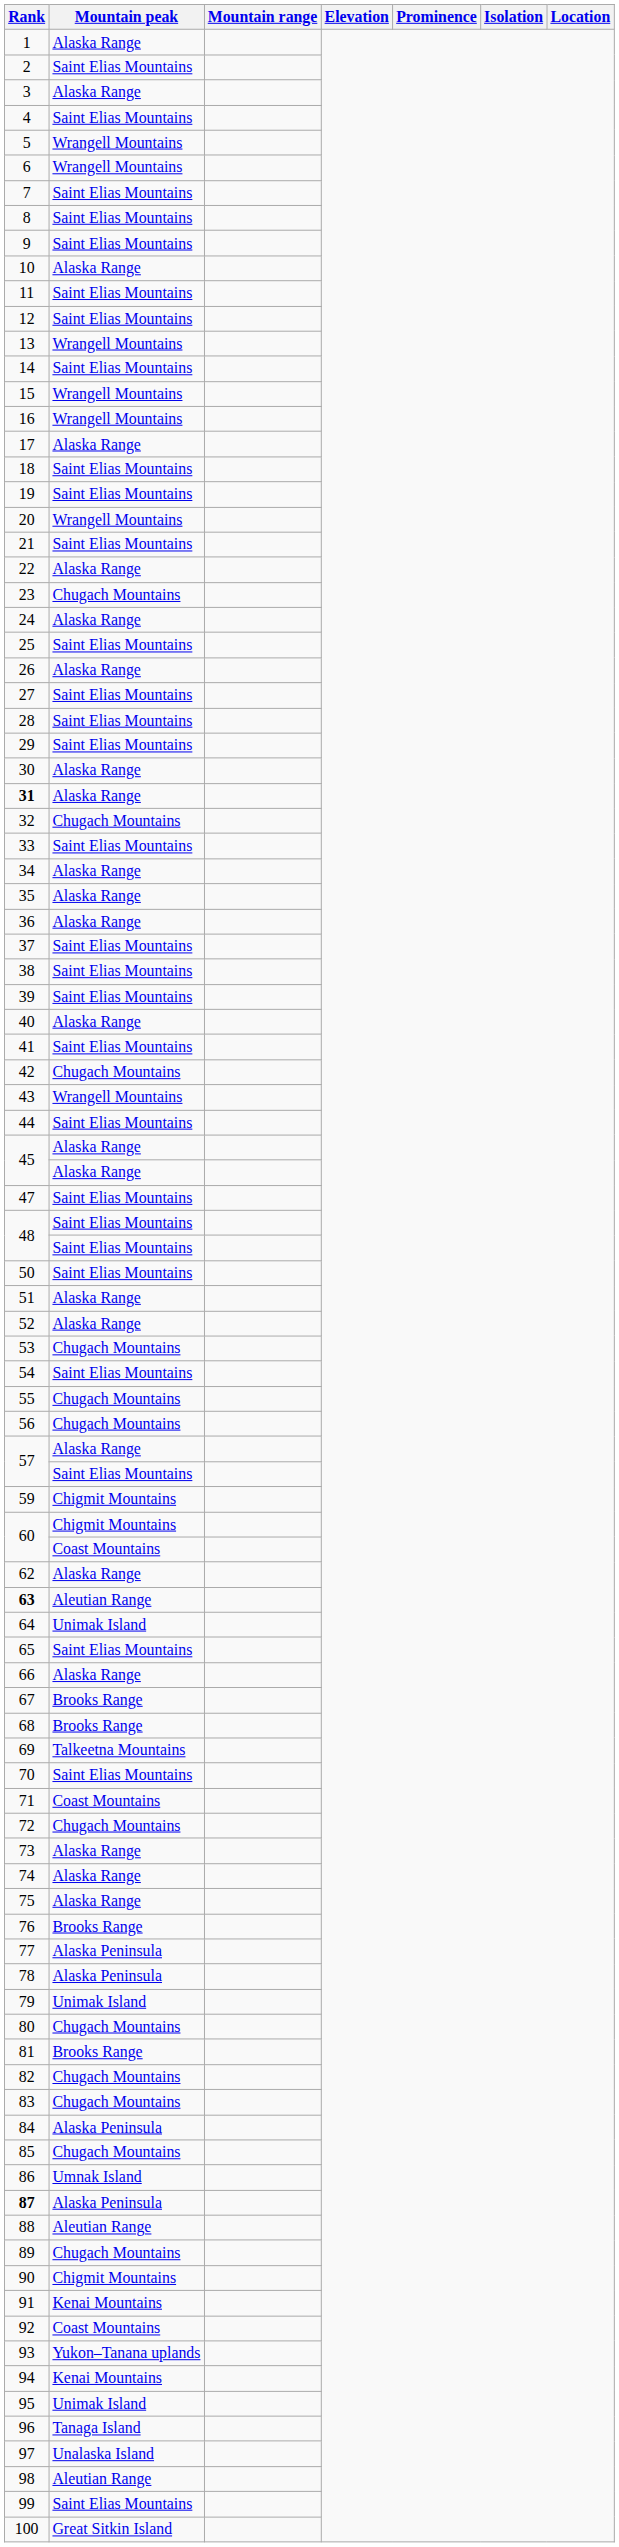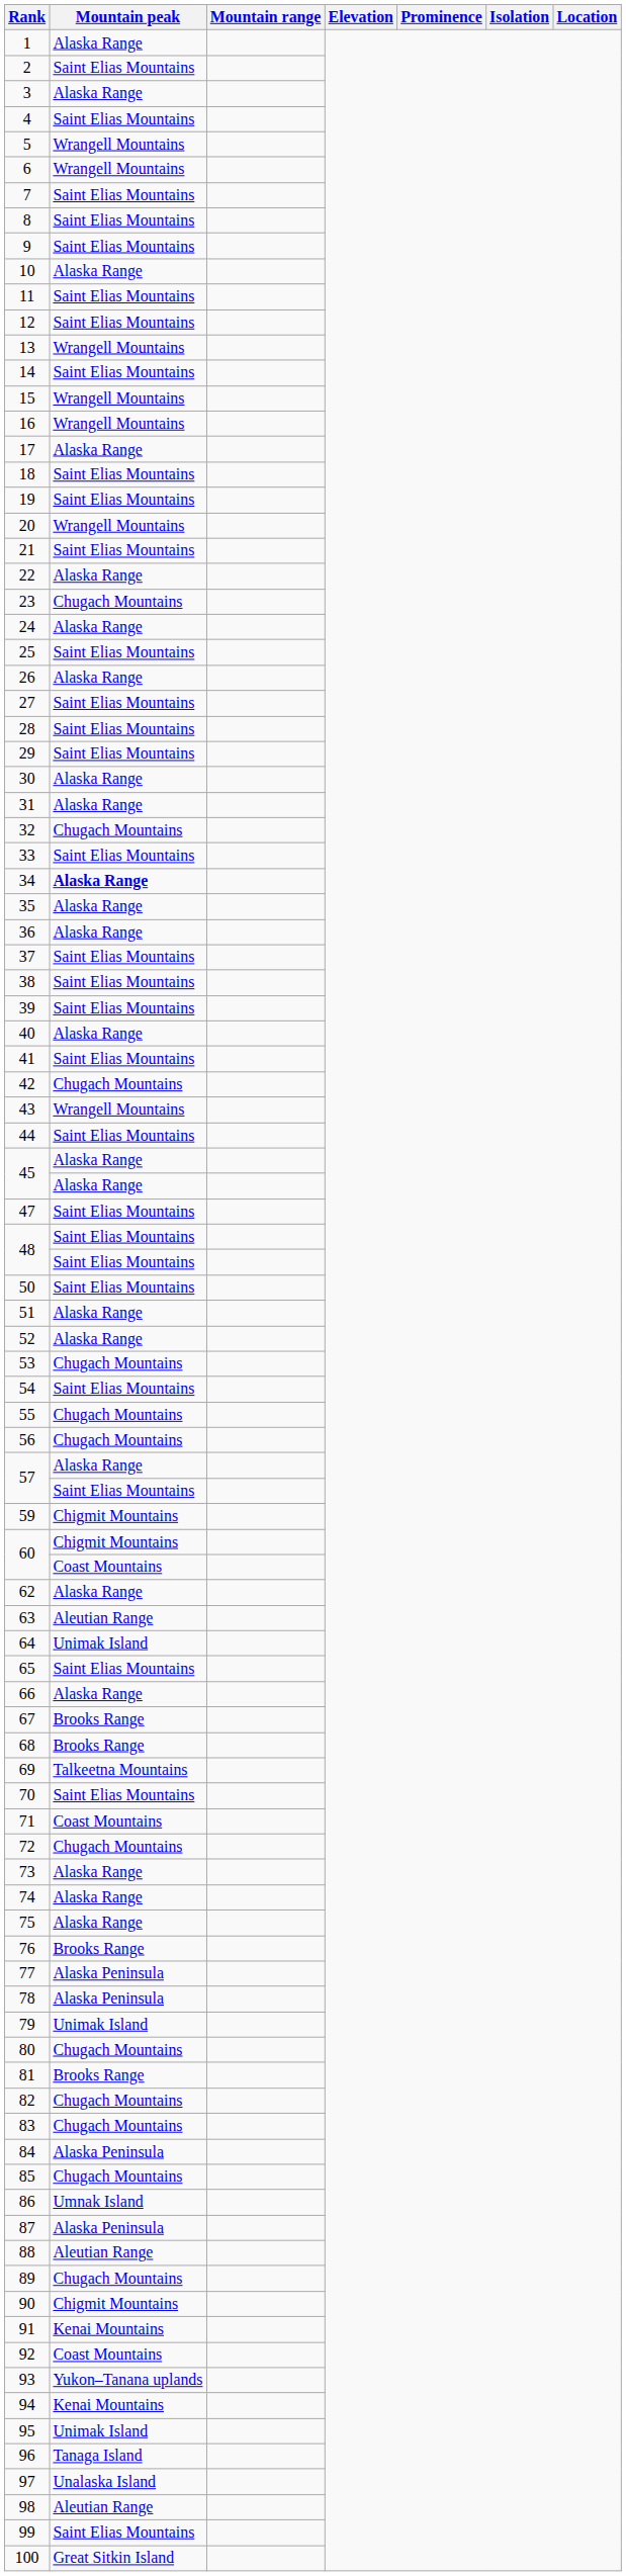 <table class="wikitable sortable">
 <tr>
 <th><a href='#'>Rank</a></th>
 <th><a href='#'>Mountain peak</a></th>
 <th><a href='#'>Mountain range</a></th>
 <th><a href='#'>Elevation</a></th>
 <th><a href='#'>Prominence</a></th>
 <th><a href='#'>Isolation</a></th>
 <th><a href='#'>Location</a></th>
 </tr>
 <tr>
 <td align=center>1<br></td>
 <td><a href='#'>Alaska Range</a><br></td>
 <td></td>
 </tr>
 <tr>
 <td align=center>2<br></td>
 <td><a href='#'>Saint Elias Mountains</a><br></td>
 <td></td>
 </tr>
 <tr>
 <td align=center>3<br></td>
 <td><a href='#'>Alaska Range</a><br></td>
 <td></td>
 </tr>
 <tr>
 <td align=center>4<br></td>
 <td><a href='#'>Saint Elias Mountains</a><br></td>
 <td></td>
 </tr>
 <tr>
 <td align=center>5<br></td>
 <td><a href='#'>Wrangell Mountains</a><br></td>
 <td></td>
 </tr>
 <tr>
 <td align=center>6<br></td>
 <td><a href='#'>Wrangell Mountains</a><br></td>
 <td></td>
 </tr>
 <tr>
 <td align=center>7<br></td>
 <td><a href='#'>Saint Elias Mountains</a><br></td>
 <td></td>
 </tr>
 <tr>
 <td align=center>8<br></td>
 <td><a href='#'>Saint Elias Mountains</a><br></td>
 <td></td>
 </tr>
 <tr>
 <td align=center>9<br></td>
 <td><a href='#'>Saint Elias Mountains</a><br></td>
 <td></td>
 </tr>
 <tr>
 <td align=center>10<br></td>
 <td><a href='#'>Alaska Range</a><br></td>
 <td></td>
 </tr>
 <tr>
 <td align=center>11<br></td>
 <td><a href='#'>Saint Elias Mountains</a><br></td>
 <td></td>
 </tr>
 <tr>
 <td align=center>12<br></td>
 <td><a href='#'>Saint Elias Mountains</a><br></td>
 <td></td>
 </tr>
 <tr>
 <td align=center>13<br></td>
 <td><a href='#'>Wrangell Mountains</a><br></td>
 <td></td>
 </tr>
 <tr>
 <td align=center>14<br></td>
 <td><a href='#'>Saint Elias Mountains</a><br></td>
 <td></td>
 </tr>
 <tr>
 <td align=center>15<br></td>
 <td><a href='#'>Wrangell Mountains</a><br></td>
 <td></td>
 </tr>
 <tr>
 <td align=center>16<br></td>
 <td><a href='#'>Wrangell Mountains</a><br></td>
 <td></td>
 </tr>
 <tr>
 <td align=center>17<br></td>
 <td><a href='#'>Alaska Range</a><br></td>
 <td></td>
 </tr>
 <tr>
 <td align=center>18<br></td>
 <td><a href='#'>Saint Elias Mountains</a><br></td>
 <td></td>
 </tr>
 <tr>
 <td align=center>19<br></td>
 <td><a href='#'>Saint Elias Mountains</a><br></td>
 <td></td>
 </tr>
 <tr>
 <td align=center>20<br></td>
 <td><a href='#'>Wrangell Mountains</a><br></td>
 <td></td>
 </tr>
 <tr>
 <td align=center>21<br></td>
 <td><a href='#'>Saint Elias Mountains</a><br></td>
 <td></td>
 </tr>
 <tr>
 <td align=center>22<br></td>
 <td><a href='#'>Alaska Range</a><br></td>
 <td></td>
 </tr>
 <tr>
 <td align=center>23<br></td>
 <td><a href='#'>Chugach Mountains</a><br></td>
 <td></td>
 </tr>
 <tr>
 <td align=center>24<br></td>
 <td><a href='#'>Alaska Range</a><br></td>
 <td></td>
 </tr>
 <tr>
 <td align=center>25<br></td>
 <td><a href='#'>Saint Elias Mountains</a><br></td>
 <td></td>
 </tr>
 <tr>
 <td align=center>26<br></td>
 <td><a href='#'>Alaska Range</a><br></td>
 <td></td>
 </tr>
 <tr>
 <td align=center>27<br></td>
 <td><a href='#'>Saint Elias Mountains</a><br></td>
 <td></td>
 </tr>
 <tr>
 <td align=center>28<br></td>
 <td><a href='#'>Saint Elias Mountains</a><br></td>
 <td></td>
 </tr>
 <tr>
 <td align=center>29<br></td>
 <td><a href='#'>Saint Elias Mountains</a><br></td>
 <td></td>
 </tr>
 <tr>
 <td align=center>30<br></td>
 <td><a href='#'>Alaska Range</a><br></td>
 <td></td>
 </tr>
 <tr>
-<td align=center><strong>31<br></strong></td>
+<td align=center>31<br></td>
 <td><a href='#'>Alaska Range</a><br></td>
 <td></td>
 </tr>
 <tr>
 <td align=center>32<br></td>
 <td><a href='#'>Chugach Mountains</a><br></td>
 <td></td>
 </tr>
 <tr>
 <td align=center>33<br></td>
 <td><a href='#'>Saint Elias Mountains</a><br></td>
 <td></td>
 </tr>
 <tr>
 <td align=center>34<br></td>
-<td><a href='#'>Alaska Range</a><br></td>
+<td><strong><a href='#'>Alaska Range</a><br></strong></td>
 <td></td>
 </tr>
 <tr>
 <td align=center>35<br></td>
 <td><a href='#'>Alaska Range</a><br></td>
 <td></td>
 </tr>
 <tr>
 <td align=center>36<br></td>
 <td><a href='#'>Alaska Range</a><br></td>
 <td></td>
 </tr>
 <tr>
 <td align=center>37<br></td>
 <td><a href='#'>Saint Elias Mountains</a><br></td>
 <td></td>
 </tr>
 <tr>
 <td align=center>38<br></td>
 <td><a href='#'>Saint Elias Mountains</a><br></td>
 <td></td>
 </tr>
 <tr>
 <td align=center>39<br></td>
 <td><a href='#'>Saint Elias Mountains</a><br></td>
 <td></td>
 </tr>
 <tr>
 <td align=center>40<br></td>
 <td><a href='#'>Alaska Range</a><br></td>
 <td></td>
 </tr>
 <tr>
 <td align=center>41<br></td>
 <td><a href='#'>Saint Elias Mountains</a><br></td>
 <td></td>
 </tr>
 <tr>
 <td align=center>42<br></td>
 <td><a href='#'>Chugach Mountains</a><br></td>
 <td></td>
 </tr>
 <tr>
 <td align=center>43<br></td>
 <td><a href='#'>Wrangell Mountains</a><br></td>
 <td></td>
 </tr>
 <tr>
 <td align=center>44<br></td>
 <td><a href='#'>Saint Elias Mountains</a><br></td>
 <td></td>
 </tr>
 <tr>
 <td align=center rowspan=2>45<br></td>
 <td><a href='#'>Alaska Range</a><br></td>
 <td></td>
 </tr>
 <tr>
 <td><a href='#'>Alaska Range</a><br></td>
 <td></td>
 </tr>
 <tr>
 <td align=center>47<br></td>
 <td><a href='#'>Saint Elias Mountains</a><br></td>
 <td></td>
 </tr>
 <tr>
 <td align=center rowspan=2>48<br></td>
 <td><a href='#'>Saint Elias Mountains</a><br></td>
 <td></td>
 </tr>
 <tr>
 <td><a href='#'>Saint Elias Mountains</a><br></td>
 <td></td>
 </tr>
 <tr>
 <td align=center>50<br></td>
 <td><a href='#'>Saint Elias Mountains</a><br></td>
 <td></td>
 </tr>
 <tr>
 <td align=center>51<br></td>
 <td><a href='#'>Alaska Range</a><br></td>
 <td></td>
 </tr>
 <tr>
 <td align=center>52<br></td>
 <td><a href='#'>Alaska Range</a><br></td>
 <td></td>
 </tr>
 <tr>
 <td align=center>53<br></td>
 <td><a href='#'>Chugach Mountains</a><br></td>
 <td></td>
 </tr>
 <tr>
 <td align=center>54<br></td>
 <td><a href='#'>Saint Elias Mountains</a><br></td>
 <td></td>
 </tr>
 <tr>
 <td align=center>55<br></td>
 <td><a href='#'>Chugach Mountains</a><br></td>
 <td></td>
 </tr>
 <tr>
 <td align=center>56<br></td>
 <td><a href='#'>Chugach Mountains</a><br></td>
 <td></td>
 </tr>
 <tr>
 <td align=center rowspan=2>57<br></td>
 <td><a href='#'>Alaska Range</a><br></td>
 <td></td>
 </tr>
 <tr>
 <td><a href='#'>Saint Elias Mountains</a><br></td>
 <td></td>
 </tr>
 <tr>
 <td align=center>59<br></td>
 <td><a href='#'>Chigmit Mountains</a><br></td>
 <td></td>
 </tr>
 <tr>
 <td align=center rowspan=2>60<br></td>
 <td><a href='#'>Chigmit Mountains</a><br></td>
 <td></td>
 </tr>
 <tr>
 <td><a href='#'>Coast Mountains</a><br></td>
 <td></td>
 </tr>
 <tr>
 <td align=center>62<br></td>
 <td><a href='#'>Alaska Range</a><br></td>
 <td></td>
 </tr>
 <tr>
-<td align=center><strong>63<br></strong></td>
+<td align=center>63<br></td>
 <td><a href='#'>Aleutian Range</a><br></td>
 <td></td>
 </tr>
 <tr>
 <td align=center>64<br></td>
 <td><a href='#'>Unimak Island</a><br></td>
 <td></td>
 </tr>
 <tr>
 <td align=center>65<br></td>
 <td><a href='#'>Saint Elias Mountains</a><br></td>
 <td></td>
 </tr>
 <tr>
 <td align=center>66<br></td>
 <td><a href='#'>Alaska Range</a><br></td>
 <td></td>
 </tr>
 <tr>
 <td align=center>67<br></td>
 <td><a href='#'>Brooks Range</a><br></td>
 <td></td>
 </tr>
 <tr>
 <td align=center>68<br></td>
 <td><a href='#'>Brooks Range</a><br></td>
 <td></td>
 </tr>
 <tr>
 <td align=center>69<br></td>
 <td><a href='#'>Talkeetna Mountains</a><br></td>
 <td></td>
 </tr>
 <tr>
 <td align=center>70<br></td>
 <td><a href='#'>Saint Elias Mountains</a><br></td>
 <td></td>
 </tr>
 <tr>
 <td align=center>71<br></td>
 <td><a href='#'>Coast Mountains</a><br></td>
 <td></td>
 </tr>
 <tr>
 <td align=center>72<br></td>
 <td><a href='#'>Chugach Mountains</a><br></td>
 <td></td>
 </tr>
 <tr>
 <td align=center>73<br></td>
 <td><a href='#'>Alaska Range</a><br></td>
 <td></td>
 </tr>
 <tr>
 <td align=center>74<br></td>
 <td><a href='#'>Alaska Range</a><br></td>
 <td></td>
 </tr>
 <tr>
 <td align=center>75<br></td>
 <td><a href='#'>Alaska Range</a><br></td>
 <td></td>
 </tr>
 <tr>
 <td align=center>76<br></td>
 <td><a href='#'>Brooks Range</a><br></td>
 <td></td>
 </tr>
 <tr>
 <td align=center>77<br></td>
 <td><a href='#'>Alaska Peninsula</a><br></td>
 <td></td>
 </tr>
 <tr>
 <td align=center>78<br></td>
 <td><a href='#'>Alaska Peninsula</a><br></td>
 <td></td>
 </tr>
 <tr>
 <td align=center>79<br></td>
 <td><a href='#'>Unimak Island</a><br></td>
 <td></td>
 </tr>
 <tr>
 <td align=center>80<br></td>
 <td><a href='#'>Chugach Mountains</a><br></td>
 <td></td>
 </tr>
 <tr>
 <td align=center>81<br></td>
 <td><a href='#'>Brooks Range</a><br></td>
 <td></td>
 </tr>
 <tr>
 <td align=center>82<br></td>
 <td><a href='#'>Chugach Mountains</a><br></td>
 <td></td>
 </tr>
 <tr>
 <td align=center>83<br></td>
 <td><a href='#'>Chugach Mountains</a><br></td>
 <td></td>
 </tr>
 <tr>
 <td align=center>84<br></td>
 <td><a href='#'>Alaska Peninsula</a><br></td>
 <td></td>
 </tr>
 <tr>
 <td align=center>85<br></td>
 <td><a href='#'>Chugach Mountains</a><br></td>
 <td></td>
 </tr>
 <tr>
 <td align=center>86<br></td>
 <td><a href='#'>Umnak Island</a><br></td>
 <td></td>
 </tr>
 <tr>
-<td align=center><strong>87<br></strong></td>
+<td align=center>87<br></td>
 <td><a href='#'>Alaska Peninsula</a><br></td>
 <td></td>
 </tr>
 <tr>
 <td align=center>88<br></td>
 <td><a href='#'>Aleutian Range</a><br></td>
 <td></td>
 </tr>
 <tr>
 <td align=center>89<br></td>
 <td><a href='#'>Chugach Mountains</a><br></td>
 <td></td>
 </tr>
 <tr>
 <td align=center>90<br></td>
 <td><a href='#'>Chigmit Mountains</a><br></td>
 <td></td>
 </tr>
 <tr>
 <td align=center>91<br></td>
 <td><a href='#'>Kenai Mountains</a><br></td>
 <td></td>
 </tr>
 <tr>
 <td align=center>92<br></td>
 <td><a href='#'>Coast Mountains</a><br></td>
 <td></td>
 </tr>
 <tr>
 <td align=center>93<br></td>
 <td><a href='#'>Yukon–Tanana uplands</a><br></td>
 <td></td>
 </tr>
 <tr>
 <td align=center>94<br></td>
 <td><a href='#'>Kenai Mountains</a><br></td>
 <td></td>
 </tr>
 <tr>
 <td align=center>95<br></td>
 <td><a href='#'>Unimak Island</a><br></td>
 <td></td>
 </tr>
 <tr>
 <td align=center>96<br></td>
 <td><a href='#'>Tanaga Island</a><br></td>
 <td></td>
 </tr>
 <tr>
 <td align=center>97<br></td>
 <td><a href='#'>Unalaska Island</a><br></td>
 <td></td>
 </tr>
 <tr>
 <td align=center>98<br></td>
 <td><a href='#'>Aleutian Range</a><br></td>
 <td></td>
 </tr>
 <tr>
 <td align=center>99<br></td>
 <td><a href='#'>Saint Elias Mountains</a><br></td>
 <td></td>
 </tr>
 <tr>
 <td align=center>100<br></td>
 <td><a href='#'>Great Sitkin Island</a><br></td>
 <td></td>
 </tr>
 </table>
